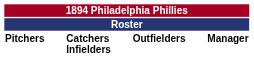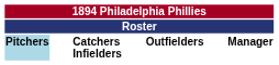 <table class="toccolours" style="font-size: 95%;">
 <tr>
 <th colspan="10" style="background-color: #A50024; color: white; text-align: center;">1894 Philadelphia Phillies</th>
 </tr>
 <tr>
 <td colspan="10" style="background-color: #263473; color: white; text-align: center;"><strong>Roster</strong></td>
 </tr>
 <tr>
-<td valign="top"><strong>Pitchers</strong><br>            </td>
+<td valign="top" style="background: lightblue;"><strong>Pitchers</strong><br>            </td>
 <td width="25px"></td>
 <td valign="top"><strong>Catchers</strong><br>   <strong>Infielders</strong>          </td>
 <td width="25px"></td>
 <td valign="top"><strong>Outfielders</strong><br>   </td>
 <td width="25px"></td>
 <td valign="top"><strong>Manager</strong><br></td>
 </tr>
 </table>
